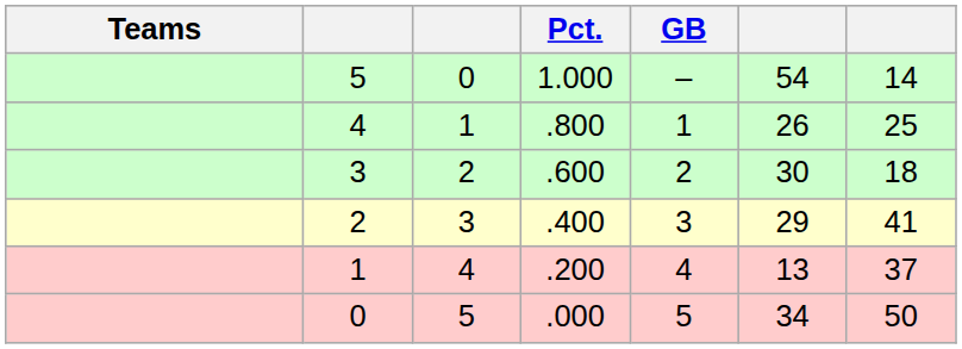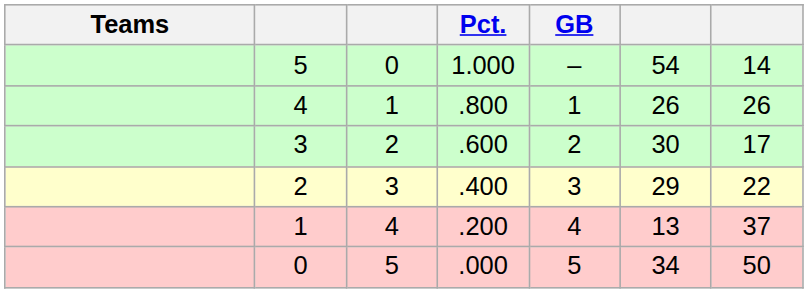 <table class="wikitable" style="text-align:center;">
 <tr>
 <th width=150px>Teams</th>
 <th width=50px></th>
 <th width=50px></th>
 <th width=50px><a href='#'>Pct.</a></th>
 <th width=50px><a href='#'>GB</a></th>
 <th width=50px></th>
 <th width=50px></th>
 </tr>
 <tr style="background-color:#cfc">
 <td align=left></td>
 <td>5</td>
 <td>0</td>
 <td>1.000</td>
 <td>–</td>
 <td>54</td>
 <td>14</td>
 </tr>
 <tr style="background-color:#cfc">
 <td align=left></td>
 <td>4</td>
 <td>1</td>
 <td>.800</td>
 <td>1</td>
 <td>26</td>
-<td>25</td>
+<td>26</td>
 </tr>
 <tr style="background-color:#cfc">
 <td align=left></td>
 <td>3</td>
 <td>2</td>
 <td>.600</td>
 <td>2</td>
 <td>30</td>
-<td>18</td>
+<td>17</td>
 </tr>
 <tr style="background-color:#ffc">
 <td align=left></td>
 <td>2</td>
 <td>3</td>
 <td>.400</td>
 <td>3</td>
 <td>29</td>
-<td>41</td>
+<td>22</td>
 </tr>
 <tr style="background-color:#fcc">
 <td align=left></td>
 <td>1</td>
 <td>4</td>
 <td>.200</td>
 <td>4</td>
 <td>13</td>
 <td>37</td>
 </tr>
 <tr style="background-color:#fcc">
 <td align=left></td>
 <td>0</td>
 <td>5</td>
 <td>.000</td>
 <td>5</td>
 <td>34</td>
 <td>50</td>
 </tr>
 </table>
